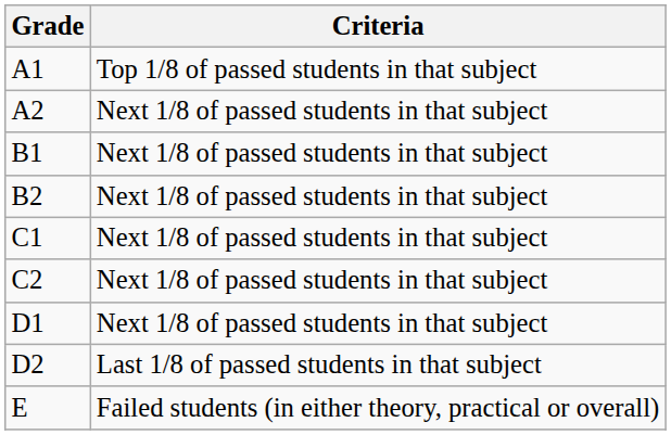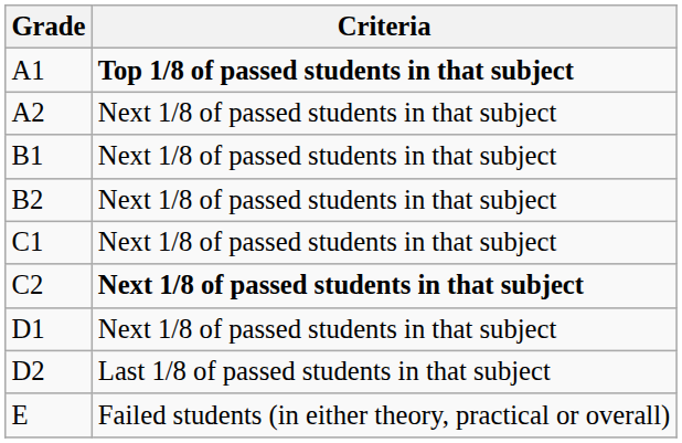 <table class="wikitable">
 <tr>
 <th>Grade</th>
 <th>Criteria</th>
 </tr>
 <tr>
 <td>A1</td>
-<td>Top 1/8 of passed students in that subject</td>
+<td><strong>Top 1/8 of passed students in that subject</strong></td>
 </tr>
 <tr>
 <td>A2</td>
 <td>Next 1/8 of passed students in that subject</td>
 </tr>
 <tr>
 <td>B1</td>
 <td>Next 1/8 of passed students in that subject</td>
 </tr>
 <tr>
 <td>B2</td>
 <td>Next 1/8 of passed students in that subject</td>
 </tr>
 <tr>
 <td>C1</td>
 <td>Next 1/8 of passed students in that subject</td>
 </tr>
 <tr>
 <td>C2</td>
-<td>Next 1/8 of passed students in that subject</td>
+<td><strong>Next 1/8 of passed students in that subject</strong></td>
 </tr>
 <tr>
 <td>D1</td>
 <td>Next 1/8 of passed students in that subject</td>
 </tr>
 <tr>
 <td>D2</td>
 <td>Last 1/8 of passed students in that subject</td>
 </tr>
 <tr>
 <td>E</td>
 <td>Failed students (in either theory, practical or overall)</td>
 </tr>
 </table>
